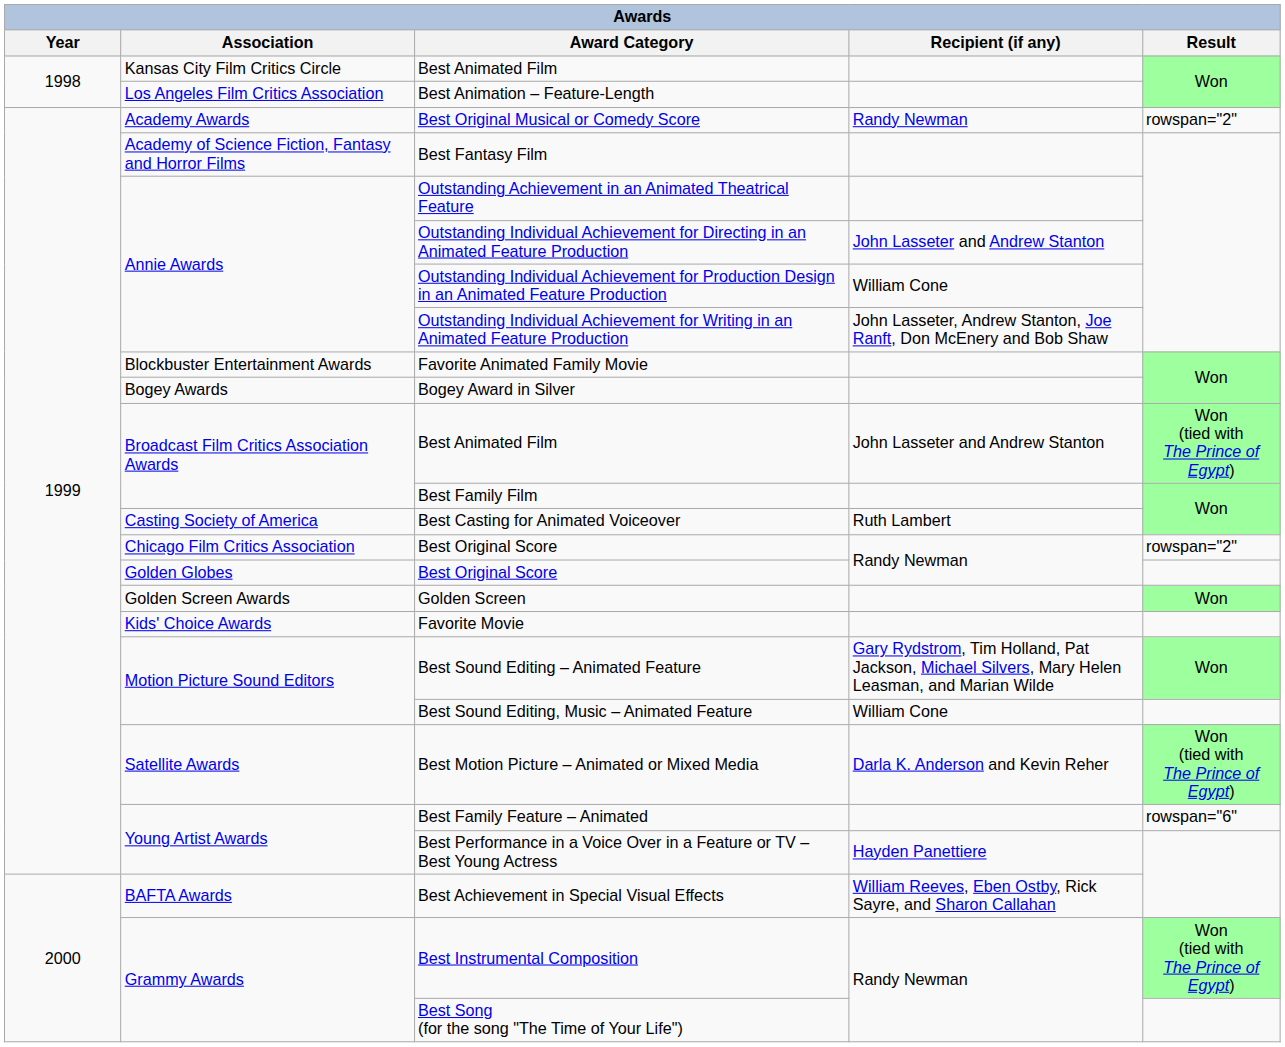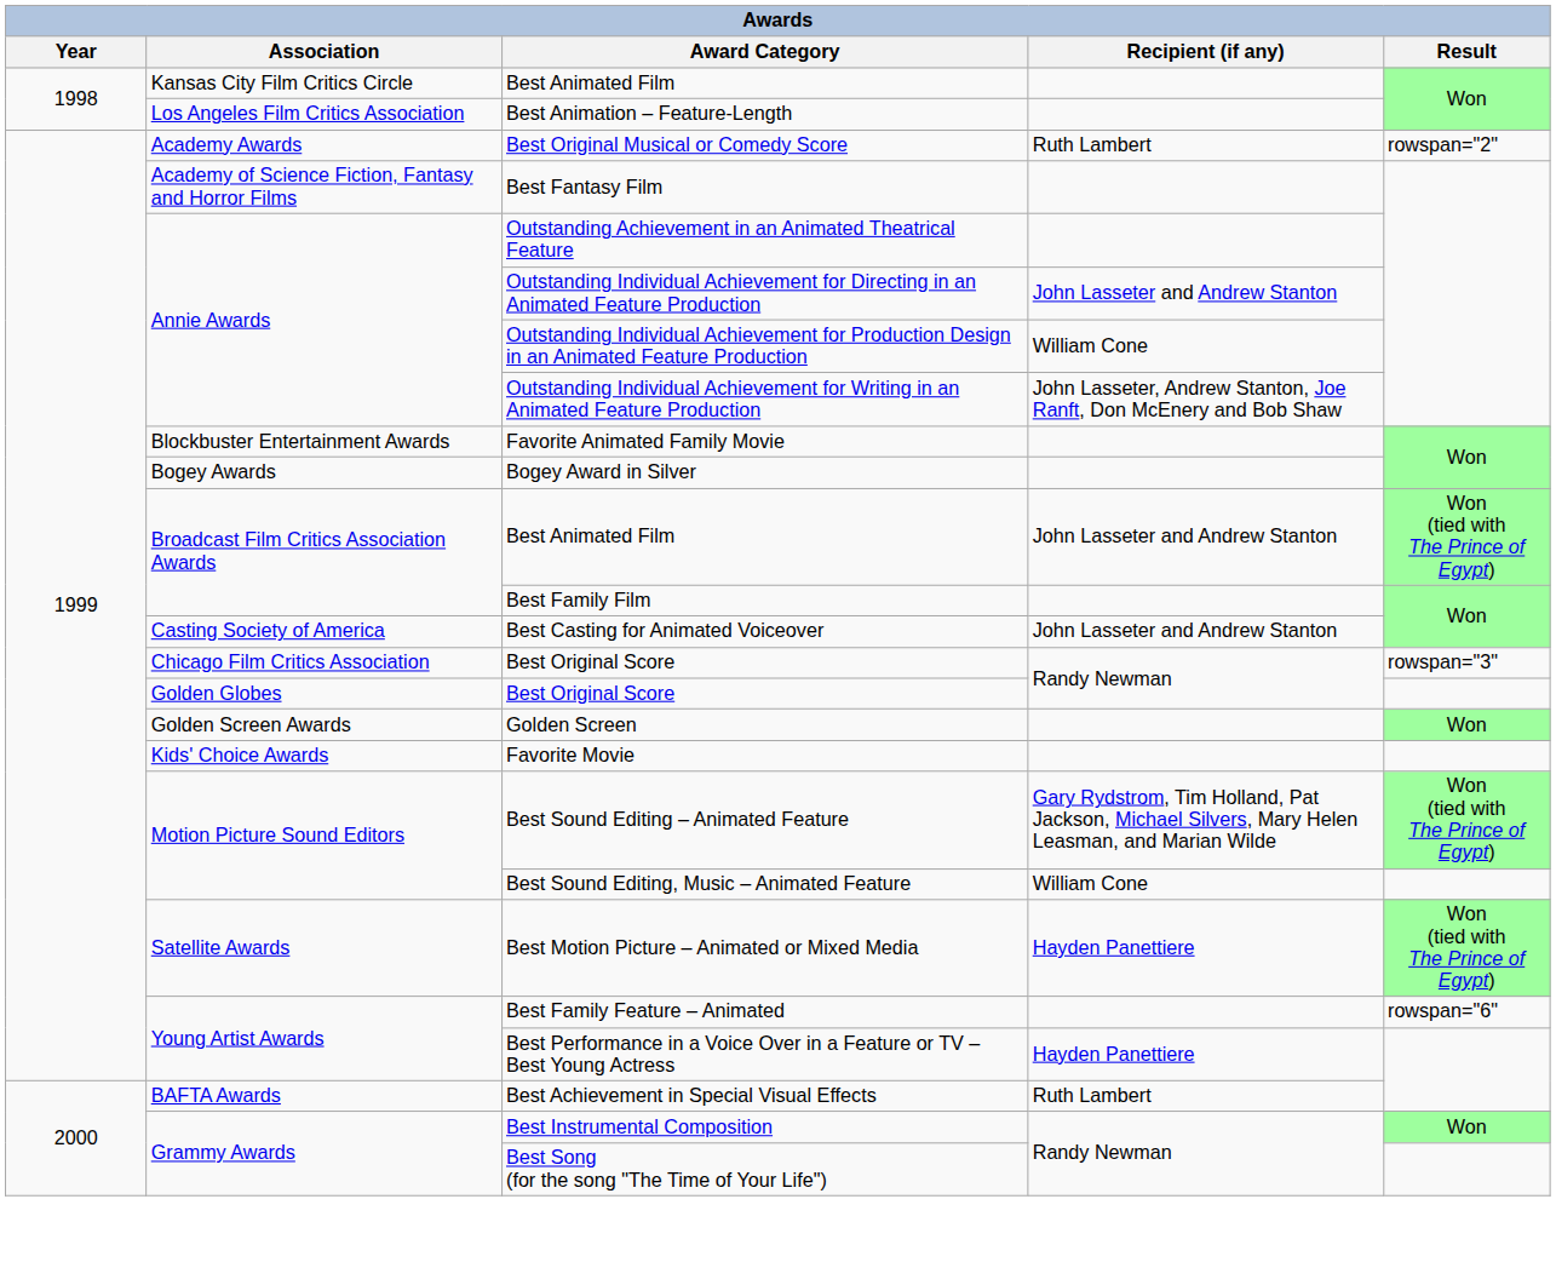 <table class="wikitable sortable" style="width:100%;">
 <tr style="background:#ccc; text-align:center;">
 <th colspan="5" style="background: LightSteelBlue;">Awards</th>
 </tr>
 <tr style="background:#ccc; text-align:center;">
 <th width="075"><strong>Year</strong></th>
 <th width="200"><strong>Association</strong></th>
 <th width="300"><strong>Award Category</strong></th>
 <th width="200"><strong>Recipient (if any)</strong></th>
 <th width="80"><strong>Result</strong></th>
 </tr>
 <tr>
 <td rowspan="2" style="text-align:center;">1998</td>
 <td>Kansas City Film Critics Circle</td>
 <td>Best Animated Film</td>
 <td></td>
 <td rowspan="2" style="background:#9EFF9E;color:#000;vertical-align:middle;text-align:center;" class="yes table-yes2 notheme">Won</td>
 </tr>
 <tr>
 <td><a href='#'>Los Angeles Film Critics Association</a></td>
 <td>Best Animation – Feature-Length</td>
 <td></td>
 </tr>
 <tr>
 <td rowspan="20" style="text-align:center;">1999</td>
 <td><a href='#'>Academy Awards</a></td>
 <td><a href='#'>Best Original Musical or Comedy Score</a></td>
-<td><a href='#'>Randy Newman</a></td>
+<td>Ruth Lambert</td>
 <td>rowspan="2" </td>
 </tr>
 <tr>
 <td><a href='#'>Academy of Science Fiction, Fantasy and Horror Films</a></td>
 <td>Best Fantasy Film</td>
 <td></td>
 </tr>
 <tr>
 <td rowspan="4"><a href='#'>Annie Awards</a></td>
 <td><a href='#'>Outstanding Achievement in an Animated Theatrical Feature</a></td>
 <td></td>
 </tr>
 <tr>
 <td><a href='#'>Outstanding Individual Achievement for Directing in an Animated Feature Production</a></td>
 <td><a href='#'>John Lasseter</a> and <a href='#'>Andrew Stanton</a></td>
 </tr>
 <tr>
 <td><a href='#'>Outstanding Individual Achievement for Production Design in an Animated Feature Production</a></td>
 <td>William Cone</td>
 </tr>
 <tr>
 <td><a href='#'>Outstanding Individual Achievement for Writing in an Animated Feature Production</a></td>
 <td>John Lasseter, Andrew Stanton, <a href='#'>Joe Ranft</a>, Don McEnery and Bob Shaw</td>
 </tr>
 <tr>
 <td>Blockbuster Entertainment Awards</td>
 <td>Favorite Animated Family Movie</td>
 <td></td>
 <td rowspan="2" style="background:#9EFF9E;color:#000;vertical-align:middle;text-align:center;" class="yes table-yes2 notheme">Won</td>
 </tr>
 <tr>
 <td>Bogey Awards</td>
 <td>Bogey Award in Silver</td>
 <td></td>
 </tr>
 <tr>
 <td rowspan="2"><a href='#'>Broadcast Film Critics Association Awards</a></td>
 <td>Best Animated Film</td>
 <td>John Lasseter and Andrew Stanton</td>
 <td style="background:#9EFF9E;color:#000;vertical-align:middle;text-align:center;" class="yes table-yes2 notheme">Won<br>(tied with<br><em><a href='#'>The Prince of Egypt</a></em>)</td>
 </tr>
 <tr>
 <td>Best Family Film</td>
 <td></td>
 <td rowspan="2" style="background:#9EFF9E;color:#000;vertical-align:middle;text-align:center;" class="yes table-yes2 notheme">Won</td>
 </tr>
 <tr>
 <td><a href='#'>Casting Society of America</a></td>
 <td>Best Casting for Animated Voiceover</td>
-<td>Ruth Lambert</td>
+<td>John Lasseter and Andrew Stanton</td>
 </tr>
 <tr>
 <td><a href='#'>Chicago Film Critics Association</a></td>
 <td>Best Original Score</td>
 <td rowspan="2">Randy Newman</td>
-<td>rowspan="2" </td>
+<td>rowspan="3" </td>
 </tr>
 <tr>
 <td><a href='#'>Golden Globes</a></td>
 <td><a href='#'>Best Original Score</a></td>
 </tr>
 <tr>
 <td>Golden Screen Awards</td>
 <td>Golden Screen</td>
 <td></td>
 <td style="background:#9EFF9E;color:#000;vertical-align:middle;text-align:center;" class="yes table-yes2 notheme">Won</td>
 </tr>
 <tr>
 <td><a href='#'>Kids' Choice Awards</a></td>
 <td>Favorite Movie</td>
 <td></td>
 <td></td>
 </tr>
 <tr>
 <td rowspan="2"><a href='#'>Motion Picture Sound Editors</a></td>
 <td>Best Sound Editing – Animated Feature</td>
 <td><a href='#'>Gary Rydstrom</a>, Tim Holland, Pat Jackson, <a href='#'>Michael Silvers</a>, Mary Helen Leasman, and Marian Wilde</td>
-<td style="background:#9EFF9E;color:#000;vertical-align:middle;text-align:center;" class="yes table-yes2 notheme">Won</td>
+<td style="background:#9EFF9E;color:#000;vertical-align:middle;text-align:center;" class="yes table-yes2 notheme">Won<br>(tied with<br><em><a href='#'>The Prince of Egypt</a></em>)</td>
 </tr>
 <tr>
 <td>Best Sound Editing, Music – Animated Feature</td>
 <td>William Cone</td>
 <td></td>
 </tr>
 <tr>
 <td><a href='#'>Satellite Awards</a></td>
 <td>Best Motion Picture – Animated or Mixed Media</td>
-<td><a href='#'>Darla K. Anderson</a> and Kevin Reher</td>
+<td><a href='#'>Hayden Panettiere</a></td>
 <td style="background:#9EFF9E;color:#000;vertical-align:middle;text-align:center;" class="yes table-yes2 notheme">Won<br>(tied with<br><em><a href='#'>The Prince of Egypt</a></em>)</td>
 </tr>
 <tr>
 <td rowspan="2"><a href='#'>Young Artist Awards</a></td>
 <td>Best Family Feature – Animated</td>
 <td></td>
 <td>rowspan="6" </td>
 </tr>
 <tr>
 <td>Best Performance in a Voice Over in a Feature or TV – Best Young Actress</td>
 <td><a href='#'>Hayden Panettiere</a></td>
 </tr>
 <tr>
 <td rowspan="3" style="text-align:center;">2000</td>
 <td><a href='#'>BAFTA Awards</a></td>
 <td>Best Achievement in Special Visual Effects</td>
-<td><a href='#'>William Reeves</a>, <a href='#'>Eben Ostby</a>, Rick Sayre, and <a href='#'>Sharon Callahan</a></td>
+<td>Ruth Lambert</td>
 </tr>
 <tr>
 <td rowspan="2"><a href='#'>Grammy Awards</a></td>
 <td><a href='#'>Best Instrumental Composition</a></td>
 <td rowspan="2">Randy Newman</td>
-<td style="background:#9EFF9E;color:#000;vertical-align:middle;text-align:center;" class="yes table-yes2 notheme">Won<br>(tied with<br><em><a href='#'>The Prince of Egypt</a></em>)</td>
+<td style="background:#9EFF9E;color:#000;vertical-align:middle;text-align:center;" class="yes table-yes2 notheme">Won</td>
 </tr>
 <tr>
 <td><a href='#'>Best Song</a><br>(for the song "The Time of Your Life")</td>
 <td></td>
 </tr>
 </table>
